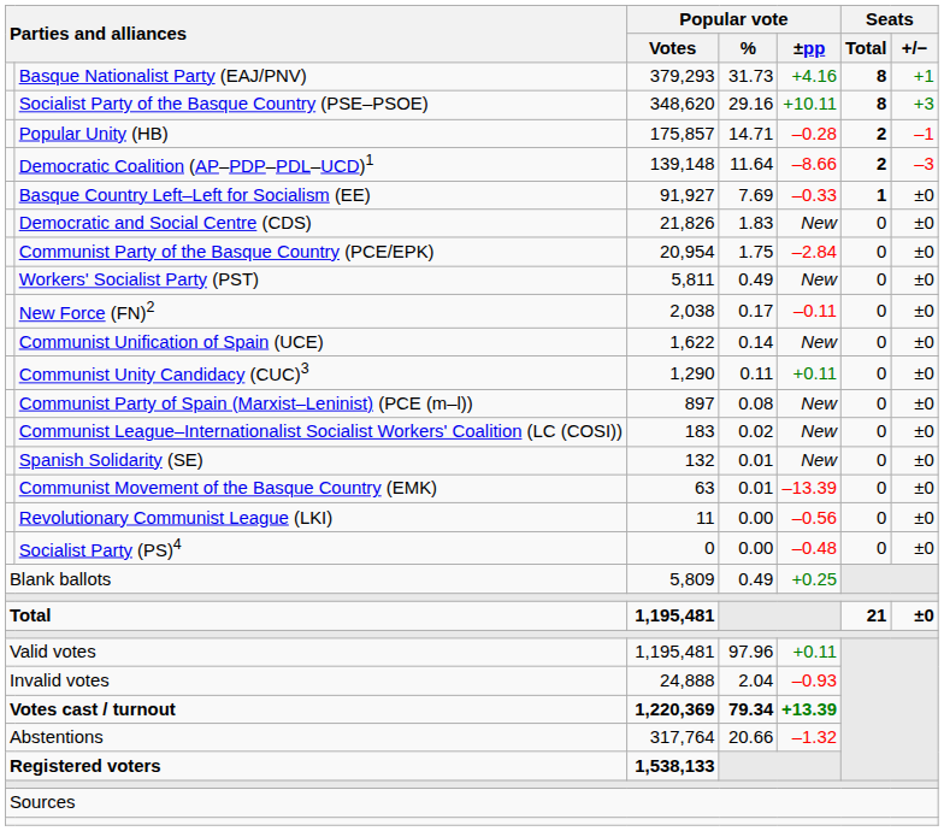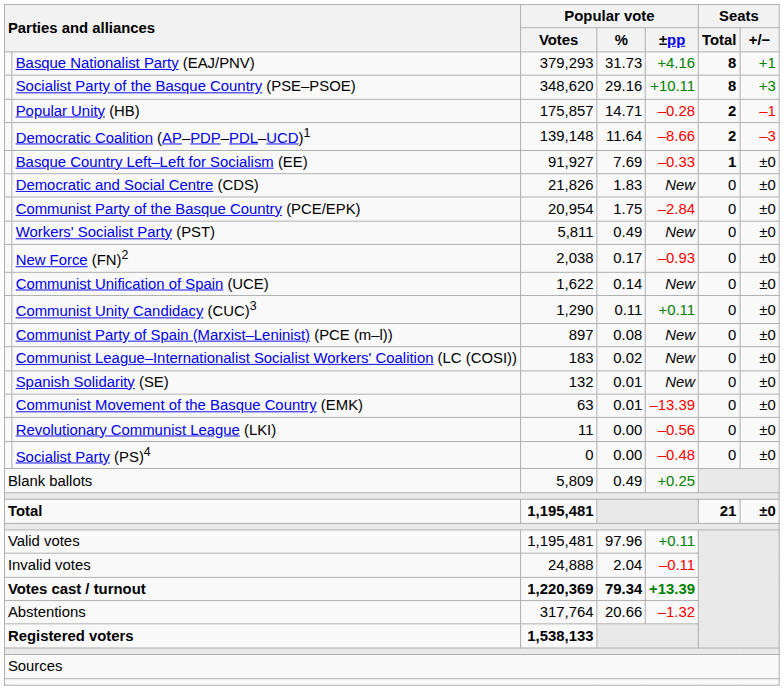 <table class="wikitable" style="text-align:right;">
 <tr>
 <th style="text-align:left;" rowspan="2" colspan="2" width="525">Parties and alliances</th>
 <th colspan="3">Popular vote</th>
 <th colspan="2">Seats</th>
 </tr>
 <tr>
 <th width="75">Votes</th>
 <th width="45">%</th>
 <th width="45">±<a href='#'>pp</a></th>
 <th width="35">Total</th>
 <th width="35">+/−</th>
 </tr>
 <tr>
 <td width="1" style="color:inherit;background:"></td>
 <td align="left"><a href='#'>Basque Nationalist Party</a> (EAJ/PNV)</td>
 <td>379,293</td>
 <td>31.73</td>
 <td style="color:green;">+4.16</td>
 <td><strong>8</strong></td>
 <td style="color:green;">+1</td>
 </tr>
 <tr>
 <td style="color:inherit;background:"></td>
 <td align="left"><a href='#'>Socialist Party of the Basque Country</a> (PSE–PSOE)</td>
 <td>348,620</td>
 <td>29.16</td>
 <td style="color:green;">+10.11</td>
 <td><strong>8</strong></td>
 <td style="color:green;">+3</td>
 </tr>
 <tr>
 <td style="color:inherit;background:"></td>
 <td align="left"><a href='#'>Popular Unity</a> (HB)</td>
 <td>175,857</td>
 <td>14.71</td>
 <td style="color:red;">–0.28</td>
 <td><strong>2</strong></td>
 <td style="color:red;">–1</td>
 </tr>
 <tr>
 <td style="color:inherit;background:"></td>
 <td align="left"><a href='#'>Democratic Coalition</a> (<a href='#'>AP</a>–<a href='#'>PDP</a>–<a href='#'>PDL</a>–<a href='#'>UCD</a>)<sup>1</sup></td>
 <td>139,148</td>
 <td>11.64</td>
 <td style="color:red;">–8.66</td>
 <td><strong>2</strong></td>
 <td style="color:red;">–3</td>
 </tr>
 <tr>
 <td style="color:inherit;background:"></td>
 <td align="left"><a href='#'>Basque Country Left–Left for Socialism</a> (EE)</td>
 <td>91,927</td>
 <td>7.69</td>
 <td style="color:red;">–0.33</td>
 <td><strong>1</strong></td>
 <td>±0</td>
 </tr>
 <tr>
 <td style="color:inherit;background:"></td>
 <td align="left"><a href='#'>Democratic and Social Centre</a> (CDS)</td>
 <td>21,826</td>
 <td>1.83</td>
 <td><em>New</em></td>
 <td>0</td>
 <td>±0</td>
 </tr>
 <tr>
 <td style="color:inherit;background:"></td>
 <td align="left"><a href='#'>Communist Party of the Basque Country</a> (PCE/EPK)</td>
 <td>20,954</td>
 <td>1.75</td>
 <td style="color:red;">–2.84</td>
 <td>0</td>
 <td>±0</td>
 </tr>
 <tr>
 <td style="color:inherit;background:"></td>
 <td align="left"><a href='#'>Workers' Socialist Party</a> (PST)</td>
 <td>5,811</td>
 <td>0.49</td>
 <td><em>New</em></td>
 <td>0</td>
 <td>±0</td>
 </tr>
 <tr>
 <td style="color:inherit;background:"></td>
 <td align="left"><a href='#'>New Force</a> (FN)<sup>2</sup></td>
 <td>2,038</td>
 <td>0.17</td>
-<td style="color:red;">–0.11</td>
+<td style="color:red;">–0.93</td>
 <td>0</td>
 <td>±0</td>
 </tr>
 <tr>
 <td style="color:inherit;background:"></td>
 <td align="left"><a href='#'>Communist Unification of Spain</a> (UCE)</td>
 <td>1,622</td>
 <td>0.14</td>
 <td><em>New</em></td>
 <td>0</td>
 <td>±0</td>
 </tr>
 <tr>
 <td style="color:inherit;background:"></td>
 <td align="left"><a href='#'>Communist Unity Candidacy</a> (CUC)<sup>3</sup></td>
 <td>1,290</td>
 <td>0.11</td>
 <td style="color:green;">+0.11</td>
 <td>0</td>
 <td>±0</td>
 </tr>
 <tr>
 <td style="color:inherit;background:"></td>
 <td align="left"><a href='#'>Communist Party of Spain (Marxist–Leninist)</a> (PCE (m–l))</td>
 <td>897</td>
 <td>0.08</td>
 <td><em>New</em></td>
 <td>0</td>
 <td>±0</td>
 </tr>
 <tr>
 <td style="color:inherit;background:"></td>
 <td align="left"><a href='#'>Communist League–Internationalist Socialist Workers' Coalition</a> (LC (COSI))</td>
 <td>183</td>
 <td>0.02</td>
 <td><em>New</em></td>
 <td>0</td>
 <td>±0</td>
 </tr>
 <tr>
 <td style="color:inherit;background:"></td>
 <td align="left"><a href='#'>Spanish Solidarity</a> (SE)</td>
 <td>132</td>
 <td>0.01</td>
 <td><em>New</em></td>
 <td>0</td>
 <td>±0</td>
 </tr>
 <tr>
 <td style="color:inherit;background:"></td>
 <td align="left"><a href='#'>Communist Movement of the Basque Country</a> (EMK)</td>
 <td>63</td>
 <td>0.01</td>
 <td style="color:red;">–13.39</td>
 <td>0</td>
 <td>±0</td>
 </tr>
 <tr>
 <td style="color:inherit;background:"></td>
 <td align="left"><a href='#'>Revolutionary Communist League</a> (LKI)</td>
 <td>11</td>
 <td>0.00</td>
 <td style="color:red;">–0.56</td>
 <td>0</td>
 <td>±0</td>
 </tr>
 <tr>
 <td style="color:inherit;background:"></td>
 <td align="left"><a href='#'>Socialist Party</a> (PS)<sup>4</sup></td>
 <td>0</td>
 <td>0.00</td>
 <td style="color:red;">–0.48</td>
 <td>0</td>
 <td>±0</td>
 </tr>
 <tr>
 <td align="left" colspan="2">Blank ballots</td>
 <td>5,809</td>
 <td>0.49</td>
 <td style="color:green;">+0.25</td>
 <td bgcolor="#E9E9E9" colspan="2"></td>
 </tr>
 <tr>
 <td colspan="7" bgcolor="#E9E9E9"></td>
 </tr>
 <tr style="font-weight:bold;">
 <td align="left" colspan="2">Total</td>
 <td>1,195,481</td>
 <td bgcolor="#E9E9E9" colspan="2"></td>
 <td>21</td>
 <td>±0</td>
 </tr>
 <tr>
 <td colspan="7" bgcolor="#E9E9E9"></td>
 </tr>
 <tr>
 <td align="left" colspan="2">Valid votes</td>
 <td>1,195,481</td>
 <td>97.96</td>
 <td style="color:green;">+0.11</td>
 <td bgcolor="#E9E9E9" colspan="2" rowspan="5"></td>
 </tr>
 <tr>
 <td align="left" colspan="2">Invalid votes</td>
 <td>24,888</td>
 <td>2.04</td>
-<td style="color:red;">–0.93</td>
+<td style="color:red;">–0.11</td>
 </tr>
 <tr style="font-weight:bold;">
 <td align="left" colspan="2">Votes cast / turnout</td>
 <td>1,220,369</td>
 <td>79.34</td>
 <td style="color:green;">+13.39</td>
 </tr>
 <tr>
 <td align="left" colspan="2">Abstentions</td>
 <td>317,764</td>
 <td>20.66</td>
 <td style="color:red;">–1.32</td>
 </tr>
 <tr style="font-weight:bold;">
 <td align="left" colspan="2">Registered voters</td>
 <td>1,538,133</td>
 <td bgcolor="#E9E9E9" colspan="2"></td>
 </tr>
 <tr>
 <td colspan="7" bgcolor="#E9E9E9"></td>
 </tr>
 <tr>
 <td align="left" colspan="7">Sources</td>
 </tr>
 <tr>
 <td colspan="7" style="text-align:left; max-width:790px;"></td>
 </tr>
 </table>
